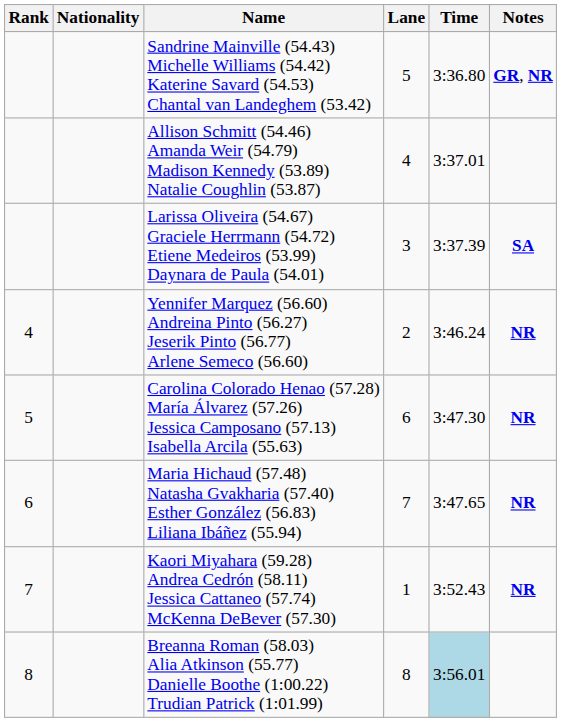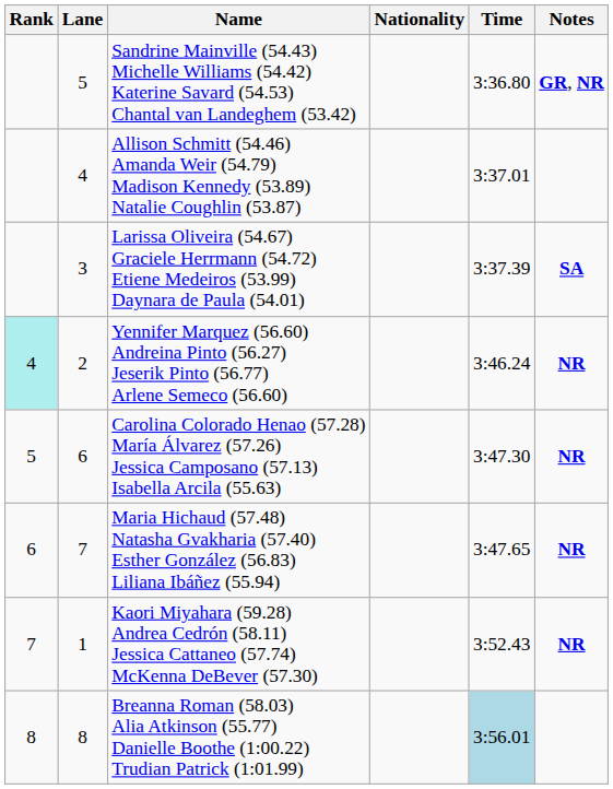 <table class="wikitable sortable" style="text-align:center">
 <tr>
 <th>Rank</th>
+<th>Lane</th>
+<th>Name</th>
 <th>Nationality</th>
-<th>Name</th>
-<th>Lane</th>
 <th>Time</th>
 <th>Notes</th>
 </tr>
 <tr>
 <td></td>
+<td>5</td>
+<td align=left><a href='#'>Sandrine Mainville</a> (54.43)<br><a href='#'>Michelle Williams</a> (54.42)<br><a href='#'>Katerine Savard</a> (54.53)<br><a href='#'>Chantal van Landeghem</a> (53.42)</td>
 <td align=left></td>
-<td align=left><a href='#'>Sandrine Mainville</a> (54.43)<br><a href='#'>Michelle Williams</a> (54.42)<br><a href='#'>Katerine Savard</a> (54.53)<br><a href='#'>Chantal van Landeghem</a> (53.42)</td>
-<td>5</td>
 <td>3:36.80</td>
 <td><strong><a href='#'>GR</a></strong>, <strong><a href='#'>NR</a></strong></td>
 </tr>
 <tr>
 <td></td>
+<td>4</td>
+<td align=left><a href='#'>Allison Schmitt</a> (54.46)<br><a href='#'>Amanda Weir</a> (54.79)<br><a href='#'>Madison Kennedy</a> (53.89)<br><a href='#'>Natalie Coughlin</a> (53.87)</td>
 <td align=left></td>
-<td align=left><a href='#'>Allison Schmitt</a> (54.46)<br><a href='#'>Amanda Weir</a> (54.79)<br><a href='#'>Madison Kennedy</a> (53.89)<br><a href='#'>Natalie Coughlin</a> (53.87)</td>
-<td>4</td>
 <td>3:37.01</td>
 <td></td>
 </tr>
 <tr>
 <td></td>
+<td>3</td>
+<td align=left><a href='#'>Larissa Oliveira</a> (54.67)<br><a href='#'>Graciele Herrmann</a> (54.72)<br><a href='#'>Etiene Medeiros</a> (53.99)<br><a href='#'>Daynara de Paula</a> (54.01)</td>
 <td align=left></td>
-<td align=left><a href='#'>Larissa Oliveira</a> (54.67)<br><a href='#'>Graciele Herrmann</a> (54.72)<br><a href='#'>Etiene Medeiros</a> (53.99)<br><a href='#'>Daynara de Paula</a> (54.01)</td>
-<td>3</td>
 <td>3:37.39</td>
 <td><strong><a href='#'>SA</a></strong></td>
 </tr>
 <tr>
-<td>4</td>
+<td style="background: paleturquoise;">4</td>
+<td>2</td>
+<td align=left><a href='#'>Yennifer Marquez</a> (56.60)<br><a href='#'>Andreina Pinto</a> (56.27)<br><a href='#'>Jeserik Pinto</a> (56.77)<br><a href='#'>Arlene Semeco</a> (56.60)</td>
 <td align=left></td>
-<td align=left><a href='#'>Yennifer Marquez</a> (56.60)<br><a href='#'>Andreina Pinto</a> (56.27)<br><a href='#'>Jeserik Pinto</a> (56.77)<br><a href='#'>Arlene Semeco</a> (56.60)</td>
-<td>2</td>
 <td>3:46.24</td>
 <td><strong><a href='#'>NR</a></strong></td>
 </tr>
 <tr>
 <td>5</td>
+<td>6</td>
+<td align=left><a href='#'>Carolina Colorado Henao</a> (57.28)<br><a href='#'>María Álvarez</a> (57.26)<br><a href='#'>Jessica Camposano</a> (57.13)<br><a href='#'>Isabella Arcila</a> (55.63)</td>
 <td align=left></td>
-<td align=left><a href='#'>Carolina Colorado Henao</a> (57.28)<br><a href='#'>María Álvarez</a> (57.26)<br><a href='#'>Jessica Camposano</a> (57.13)<br><a href='#'>Isabella Arcila</a> (55.63)</td>
-<td>6</td>
 <td>3:47.30</td>
 <td><strong><a href='#'>NR</a></strong></td>
 </tr>
 <tr>
 <td>6</td>
+<td>7</td>
+<td align=left><a href='#'>Maria Hichaud</a> (57.48)<br><a href='#'>Natasha Gvakharia</a> (57.40)<br><a href='#'>Esther González</a> (56.83)<br><a href='#'>Liliana Ibáñez</a> (55.94)</td>
 <td align=left></td>
-<td align=left><a href='#'>Maria Hichaud</a> (57.48)<br><a href='#'>Natasha Gvakharia</a> (57.40)<br><a href='#'>Esther González</a> (56.83)<br><a href='#'>Liliana Ibáñez</a> (55.94)</td>
-<td>7</td>
 <td>3:47.65</td>
 <td><strong><a href='#'>NR</a></strong></td>
 </tr>
 <tr>
 <td>7</td>
+<td>1</td>
+<td align=left><a href='#'>Kaori Miyahara</a> (59.28)<br><a href='#'>Andrea Cedrón</a> (58.11)<br><a href='#'>Jessica Cattaneo</a> (57.74)<br><a href='#'>McKenna DeBever</a> (57.30)</td>
 <td align=left></td>
-<td align=left><a href='#'>Kaori Miyahara</a> (59.28)<br><a href='#'>Andrea Cedrón</a> (58.11)<br><a href='#'>Jessica Cattaneo</a> (57.74)<br><a href='#'>McKenna DeBever</a> (57.30)</td>
-<td>1</td>
 <td>3:52.43</td>
 <td><strong><a href='#'>NR</a></strong></td>
 </tr>
 <tr>
 <td>8</td>
+<td>8</td>
+<td align=left><a href='#'>Breanna Roman</a> (58.03)<br><a href='#'>Alia Atkinson</a> (55.77)<br><a href='#'>Danielle Boothe</a> (1:00.22)<br><a href='#'>Trudian Patrick</a> (1:01.99)</td>
 <td align=left></td>
-<td align=left><a href='#'>Breanna Roman</a> (58.03)<br><a href='#'>Alia Atkinson</a> (55.77)<br><a href='#'>Danielle Boothe</a> (1:00.22)<br><a href='#'>Trudian Patrick</a> (1:01.99)</td>
-<td>8</td>
 <td style="background: lightblue;">3:56.01</td>
 <td></td>
 </tr>
 </table>
